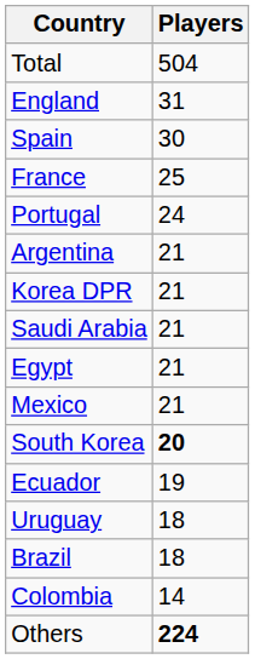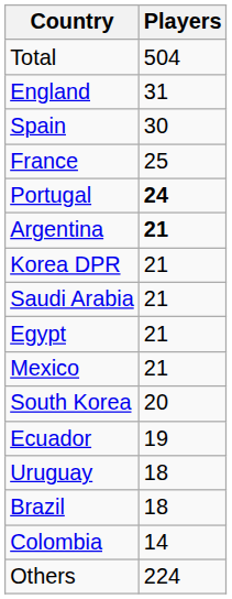 <table class="wikitable">
 <tr>
 <th>Country</th>
 <th>Players</th>
 </tr>
 <tr>
 <td>Total</td>
 <td>504</td>
 </tr>
 <tr>
 <td> <a href='#'>England</a></td>
 <td>31</td>
 </tr>
 <tr>
 <td> <a href='#'>Spain</a></td>
 <td>30</td>
 </tr>
 <tr>
 <td> <a href='#'>France</a></td>
 <td>25</td>
 </tr>
 <tr>
 <td> <a href='#'>Portugal</a></td>
-<td>24</td>
+<td><strong>24</strong></td>
 </tr>
 <tr>
 <td> <a href='#'>Argentina</a></td>
-<td>21</td>
+<td><strong>21</strong></td>
 </tr>
 <tr>
 <td> <a href='#'>Korea DPR</a></td>
 <td>21</td>
 </tr>
 <tr>
 <td> <a href='#'>Saudi Arabia</a></td>
 <td>21</td>
 </tr>
 <tr>
 <td> <a href='#'>Egypt</a></td>
 <td>21</td>
 </tr>
 <tr>
 <td> <a href='#'>Mexico</a></td>
 <td>21</td>
 </tr>
 <tr>
 <td> <a href='#'>South Korea</a></td>
-<td><strong>20</strong></td>
+<td>20</td>
 </tr>
 <tr>
 <td> <a href='#'>Ecuador</a></td>
 <td>19</td>
 </tr>
 <tr>
 <td> <a href='#'>Uruguay</a></td>
 <td>18</td>
 </tr>
 <tr>
 <td> <a href='#'>Brazil</a></td>
 <td>18</td>
 </tr>
 <tr>
 <td> <a href='#'>Colombia</a></td>
 <td>14</td>
 </tr>
 <tr>
 <td>Others</td>
-<td><strong>224</strong></td>
+<td>224</td>
 </tr>
 </table>
